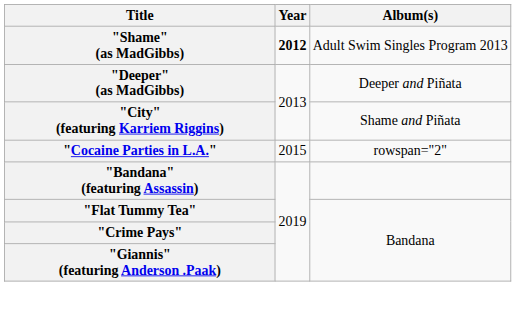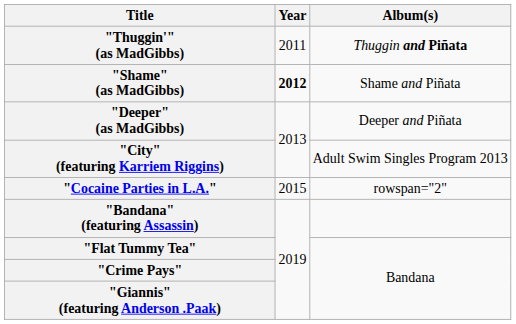 <table class="wikitable plainrowheaders" style="text-align:center;">
 <tr>
 <th scope="col" style="width:19em;">Title</th>
 <th scope="col">Year</th>
 <th scope="col">Album(s)</th>
 </tr>
 <tr>
+<th scope="row">"Thuggin'"<br><span>(as MadGibbs)</span></th>
+<td>2011</td>
+<td><em>Thuggin<strong> and </em>Piñata<em></td>
+</tr>
+<tr>
 <th scope="row">"Shame"<br><span>(as MadGibbs)</span></th>
 <td><strong>2012</strong></td>
-<td></em>Adult Swim Singles Program 2013<em></td>
+<td></em>Shame<em> and </em>Piñata<em></td>
 </tr>
 <tr>
 <th scope="row">"Deeper"<br><span>(as MadGibbs)</span></th>
 <td rowspan="2">2013</td>
 <td></em>Deeper<em> and </em>Piñata<em></td>
 </tr>
 <tr>
 <th scope="row">"City"<br><span>(featuring <a href='#'>Karriem Riggins</a>)</span></th>
-<td></em>Shame<em> and </em>Piñata<em></td>
+<td></em>Adult Swim Singles Program 2013<em></td>
 </tr>
 <tr>
 <th scope="row">"<a href='#'>Cocaine Parties in L.A.</a>"</th>
 <td>2015</td>
 <td>rowspan="2" </td>
 </tr>
 <tr>
 <th scope="row">"Bandana" <br><span>(featuring <a href='#'>Assassin</a>)</span></th>
 <td rowspan="4">2019</td>
 </tr>
 <tr>
 <th scope="row">"Flat Tummy Tea"</th>
 <td rowspan="3"></em>Bandana<em></td>
 </tr>
 <tr>
 <th scope="row">"Crime Pays"</th>
 </tr>
 <tr>
 <th scope="row">"Giannis" <br><span>(featuring <a href='#'>Anderson .Paak</a>)</span></th>
 </tr>
 </table>
